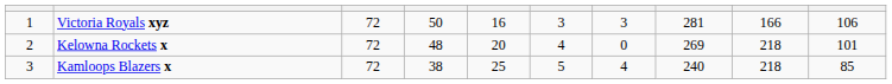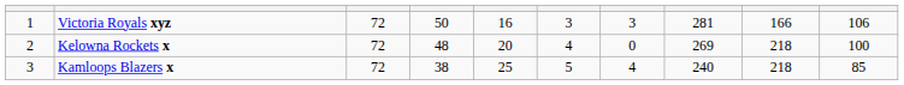 <table class="wikitable sortable">
 <tr>
 <th style="width:3em"></th>
 <th style="width:20em;" class="unsortable"></th>
 <th style="width:4em;" class="unsortable"></th>
 <th style="width:4em;"></th>
 <th style="width:4em;"></th>
 <th style="width:4em;"></th>
 <th style="width:4em;"></th>
 <th style="width:5em;"></th>
 <th style="width:5em;"></th>
 <th style="width:5em;"></th>
 </tr>
 <tr style="font-weight: ; text-align: center;">
 <td>1</td>
 <td style="text-align:left;"><a href='#'>Victoria Royals</a> <strong>xyz</strong></td>
 <td>72</td>
 <td>50</td>
 <td>16</td>
 <td>3</td>
 <td>3</td>
 <td>281</td>
 <td>166</td>
 <td>106</td>
 </tr>
 <tr style="font-weight: ; text-align: center;">
 <td>2</td>
 <td style="text-align:left;"><a href='#'>Kelowna Rockets</a> <strong>x</strong></td>
 <td>72</td>
 <td>48</td>
 <td>20</td>
 <td>4</td>
 <td>0</td>
 <td>269</td>
 <td>218</td>
-<td>101</td>
+<td>100</td>
 </tr>
 <tr style="font-weight: ; text-align: center;">
 <td>3</td>
 <td style="text-align:left;"><a href='#'>Kamloops Blazers</a> <strong>x</strong></td>
 <td>72</td>
 <td>38</td>
 <td>25</td>
 <td>5</td>
 <td>4</td>
 <td>240</td>
 <td>218</td>
 <td>85</td>
 </tr>
 </table>
